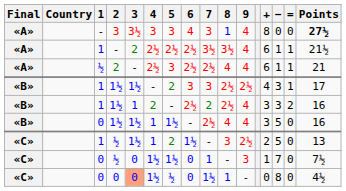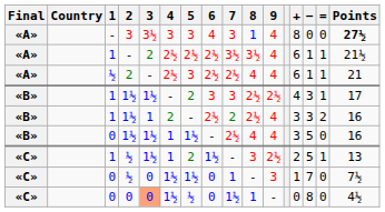 <table class="wikitable" style="text-align:center">
 <tr>
 <th>Final</th>
 <th>Country</th>
 <th>1</th>
 <th>2</th>
 <th>3</th>
 <th>4</th>
 <th>5</th>
 <th>6</th>
 <th>7</th>
 <th>8</th>
 <th>9</th>
 <th></th>
 <th>+</th>
 <th>−</th>
 <th>=</th>
 <th>Points</th>
 </tr>
 <tr>
 <th>«A»</th>
 <td style="text-align: left"></td>
 <td>-</td>
 <td style="color:red;">3</td>
 <td style="color:red;">3½</td>
 <td style="color:red;">3</td>
 <td style="color:red;">3</td>
 <td style="color:red;">4</td>
 <td style="color:red;">3</td>
 <td style="color:blue;">1</td>
 <td style="color:red;">4</td>
 <th></th>
 <td>8</td>
 <td>0</td>
 <td>0</td>
 <td><strong>27½ </strong></td>
 </tr>
 <tr>
 <th>«A»</th>
 <td style="text-align: left"></td>
 <td style="color:blue;">1</td>
 <td>-</td>
 <td style="color:green;">2</td>
 <td style="color:red;">2½</td>
 <td style="color:red;">2½</td>
 <td style="color:red;">2½</td>
 <td style="color:red;">3½</td>
 <td style="color:red;">3½</td>
 <td style="color:red;">4</td>
 <th></th>
 <td>6</td>
 <td>1</td>
 <td>1</td>
 <td>21½</td>
 </tr>
 <tr>
 <th>«A»</th>
 <td style="text-align: left"></td>
 <td style="color:blue;">½</td>
 <td style="color:green;">2</td>
 <td>-</td>
 <td style="color:red;">2½</td>
 <td style="color:red;">3</td>
 <td style="color:red;">2½</td>
 <td style="color:red;">2½</td>
 <td style="color:red;">4</td>
 <td style="color:red;">4</td>
 <th></th>
 <td>6</td>
 <td>1</td>
 <td>1</td>
 <td>21</td>
 </tr>
 <tr style="border-top:2px solid grey;">
 <th>«B»</th>
 <td style="text-align: left"></td>
 <td style="color:blue;">1</td>
 <td style="color:blue;">1½</td>
 <td style="color:blue;">1½</td>
 <td>-</td>
 <td style="color:green;">2</td>
 <td style="color:red;">3</td>
 <td style="color:red;">3</td>
 <td style="color:red;">2½</td>
 <td style="color:red;">2½</td>
 <th></th>
 <td>4</td>
 <td>3</td>
 <td>1</td>
 <td>17</td>
 </tr>
 <tr>
 <th>«B»</th>
 <td style="text-align: left"></td>
 <td style="color:blue;">1</td>
 <td style="color:blue;">1½</td>
 <td style="color:blue;">1</td>
 <td style="color:green;">2</td>
 <td>-</td>
 <td style="color:red;">2½</td>
 <td style="color:green;">2</td>
 <td style="color:red;">2½</td>
 <td style="color:red;">4</td>
 <th></th>
 <td>3</td>
 <td>3</td>
 <td>2</td>
 <td>16</td>
 </tr>
 <tr>
 <th>«B»</th>
 <td style="text-align: left"></td>
 <td style="color:blue;">0</td>
 <td style="color:blue;">1½</td>
 <td style="color:blue;">1½</td>
 <td style="color:blue;">1</td>
 <td style="color:blue;">1½</td>
 <td>-</td>
 <td style="color:red;">2½</td>
 <td style="color:red;">4</td>
 <td style="color:red;">4</td>
 <th></th>
 <td>3</td>
 <td>5</td>
 <td>0</td>
 <td>16</td>
 </tr>
 <tr style="border-top:2px solid grey;">
 <th>«C»</th>
 <td style="text-align: left"></td>
 <td style="color:blue;">1</td>
 <td style="color:blue;">½</td>
 <td style="color:blue;">1½</td>
 <td style="color:blue;">1</td>
 <td style="color:green;">2</td>
 <td style="color:blue;">1½</td>
 <td>-</td>
 <td style="color:red;">3</td>
 <td style="color:red;">2½</td>
 <th></th>
 <td>2</td>
 <td>5</td>
-<td>0</td>
+<td>1</td>
 <td>13</td>
 </tr>
 <tr>
 <th>«C»</th>
 <td style="text-align: left"></td>
 <td style="color:blue;">0</td>
 <td style="color:blue;">½</td>
 <td style="color:blue;">0</td>
 <td style="color:blue;">1½</td>
 <td style="color:blue;">1½</td>
 <td style="color:blue;">0</td>
 <td style="color:blue;">1</td>
 <td>-</td>
 <td style="color:red;">3</td>
 <th></th>
 <td>1</td>
 <td>7</td>
 <td>0</td>
 <td>7½</td>
 </tr>
 <tr>
 <th>«C»</th>
 <td style="text-align: left"></td>
 <td style="color:blue;">0</td>
 <td style="color:blue;">0</td>
 <td style="background: lightsalmon; color:blue;">0</td>
 <td style="color:blue;">1½</td>
 <td style="color:blue;">½</td>
 <td style="color:blue;">0</td>
 <td style="color:blue;">1½</td>
 <td style="color:blue;">1</td>
 <td>-</td>
 <th></th>
 <td>0</td>
 <td>8</td>
 <td>0</td>
 <td>4½</td>
 </tr>
 </table>
